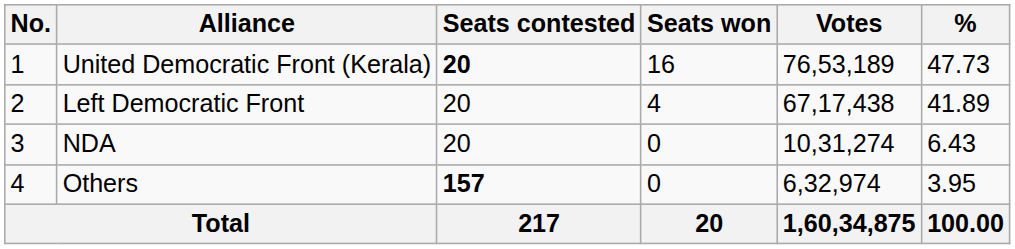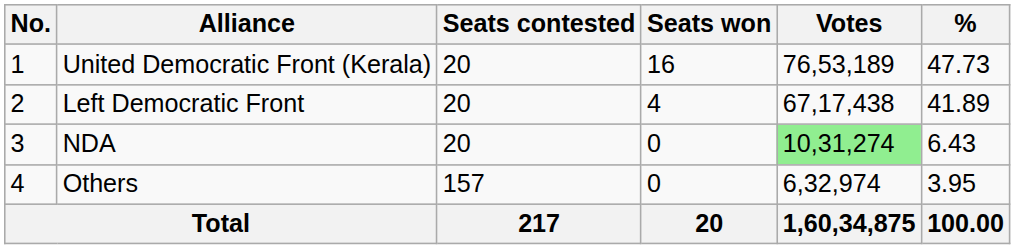 <table class="wikitable">
 <tr>
 <th>No.</th>
 <th>Alliance</th>
 <th>Seats contested</th>
 <th>Seats won</th>
 <th>Votes</th>
 <th>%</th>
 </tr>
 <tr>
 <td>1</td>
 <td>United Democratic Front (Kerala)</td>
-<td><strong>20</strong></td>
+<td>20</td>
 <td>16</td>
 <td>76,53,189</td>
 <td>47.73</td>
 </tr>
 <tr>
 <td>2</td>
 <td>Left Democratic Front</td>
 <td>20</td>
 <td>4</td>
 <td>67,17,438</td>
 <td>41.89</td>
 </tr>
 <tr>
 <td>3</td>
 <td>NDA</td>
 <td>20</td>
 <td>0</td>
-<td>10,31,274</td>
+<td style="background: lightgreen;">10,31,274</td>
 <td>6.43</td>
 </tr>
 <tr>
 <td>4</td>
 <td>Others</td>
-<td><strong>157</strong></td>
+<td>157</td>
 <td>0</td>
 <td>6,32,974</td>
 <td>3.95</td>
 </tr>
 <tr>
 <th colspan="2"><strong>Total</strong></th>
 <th><strong>217</strong></th>
 <th><strong>20</strong></th>
 <th><strong>1,60,34,875</strong></th>
 <th><strong>100.00</strong></th>
 </tr>
 </table>
